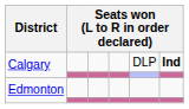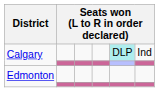 <table class="wikitable">
 <tr>
 <th>District</th>
 <th colspan=5>Seats won<br>(L to R in order declared)</th>
 </tr>
 <tr>
 <td rowspan="2"><a href='#'>Calgary</a></td>
 <td width=20 > </td>
 <td width=20 > </td>
 <td width=20 > </td>
-<td width=20 >DLP</td>
-<td width=20 ><strong>Ind</strong></td>
+<td width=20  style="background: paleturquoise;">DLP</td>
+<td width=20 >Ind</td>
 </tr>
 <tr>
 <th scope="col" style="background-color:#CC6699;"></th>
 <th scope="col" style="background-color:#CC6699;"></th>
 <th scope="col" style="background-color:#CC6699;"></th>
 <th scope="col" style="background-color:#B8BFFE;"></th>
 <th scope="col" style="background-color:#CC6699;"></th>
 </tr>
 <tr>
 <td rowspan="2"><a href='#'>Edmonton</a></td>
 <td> </td>
 <td> </td>
 <td> </td>
 <td> </td>
 <td> </td>
 </tr>
 <tr>
 <th scope="col" style="background-color:#CC6699;"></th>
 <th scope="col" style="background-color:#CC6699;"></th>
 <th scope="col" style="background-color:#CC6699;"></th>
 <th scope="col" style="background-color:#CC6699;"></th>
 <th scope="col" style="background-color:#CC6699;"></th>
 </tr>
 </table>
